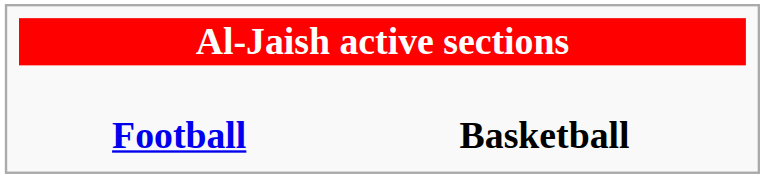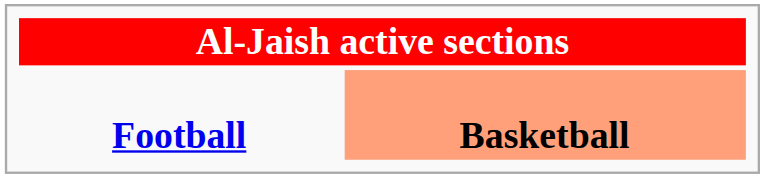 <table class="infobox" style="width: 20em; font-size: 95%em;">
 <tr style="color:white; background:red; text-align:center;">
 <th colspan="3">Al-Jaish active sections</th>
 </tr>
 <tr style="text-align: center">
 <td><br><strong><a href='#'>Football</a></strong></td>
-<td><br><strong>Basketball</strong></td>
+<td style="background: lightsalmon;"><br><strong>Basketball</strong></td>
 </tr>
 </table>
